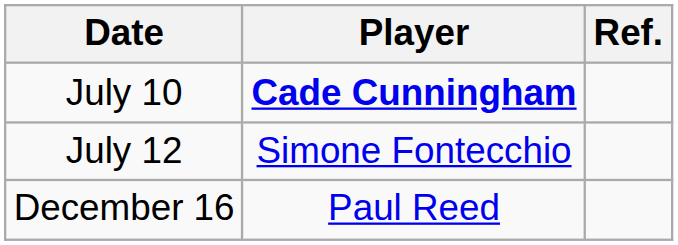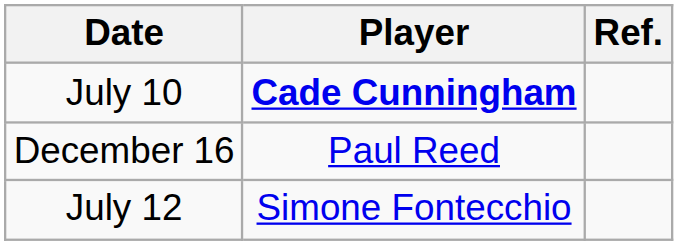 <table class="wikitable sortable sortable" style="text-align: center">
 <tr>
 <th>Date</th>
 <th>Player</th>
 <th>Ref.</th>
 </tr>
 <tr>
 <td>July 10</td>
 <td><strong><a href='#'>Cade Cunningham</a></strong></td>
 <td></td>
 </tr>
 <tr>
+<td>December 16</td>
+<td><a href='#'>Paul Reed</a></td>
+<td></td>
+</tr>
+<tr>
 <td>July 12</td>
 <td><a href='#'>Simone Fontecchio</a></td>
 <td></td>
 </tr>
-<tr>
-<td>December 16</td>
-<td><a href='#'>Paul Reed</a></td>
-<td></td>
-</tr>
 </table>
